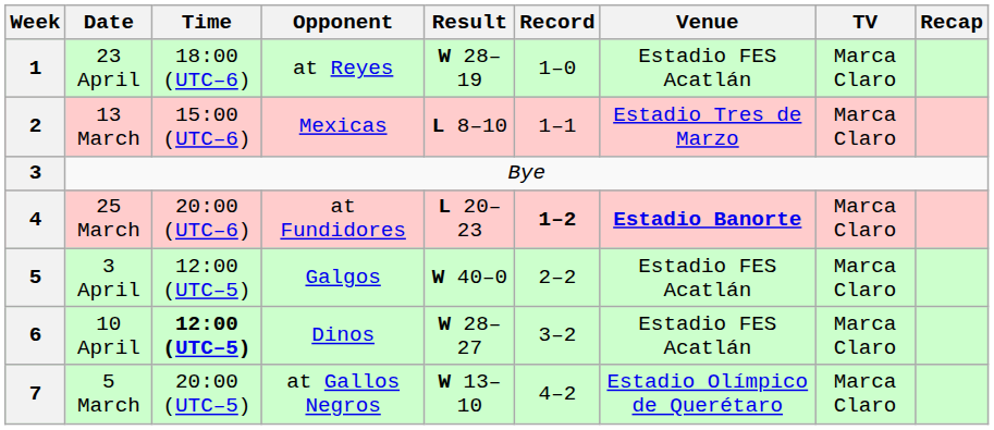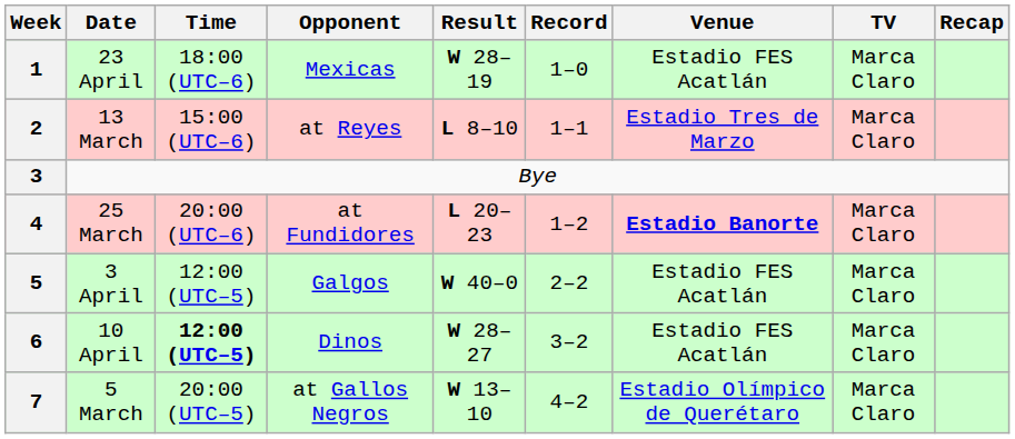 <table class="wikitable" style="text-align:center">
 <tr>
 <th>Week</th>
 <th>Date</th>
 <th>Time</th>
 <th>Opponent</th>
 <th>Result</th>
 <th>Record</th>
 <th>Venue</th>
 <th>TV</th>
 <th>Recap</th>
 </tr>
 <tr style="background:#cfc">
 <th>1</th>
 <td>23 April</td>
 <td>18:00 (<a href='#'>UTC–6</a>)</td>
-<td>at <a href='#'>Reyes</a></td>
+<td><a href='#'>Mexicas</a></td>
 <td><strong>W</strong> 28–19</td>
 <td>1–0</td>
 <td>Estadio FES Acatlán</td>
 <td>Marca Claro</td>
 <td></td>
 </tr>
 <tr style="background:#fcc">
 <th>2</th>
 <td>13 March</td>
 <td>15:00 (<a href='#'>UTC–6</a>)</td>
-<td><a href='#'>Mexicas</a></td>
+<td>at <a href='#'>Reyes</a></td>
 <td><strong>L</strong> 8–10</td>
 <td>1–1</td>
 <td><a href='#'>Estadio Tres de Marzo</a></td>
 <td>Marca Claro</td>
 <td></td>
 </tr>
 <tr>
 <th>3</th>
 <td colspan=8><em>Bye</em></td>
 </tr>
 <tr style="background:#fcc">
 <th>4</th>
 <td>25 March</td>
 <td>20:00 (<a href='#'>UTC–6</a>)</td>
 <td>at <a href='#'>Fundidores</a></td>
 <td><strong>L</strong> 20–23</td>
-<td><strong>1–2</strong></td>
+<td>1–2</td>
 <td><strong><a href='#'>Estadio Banorte</a></strong></td>
 <td>Marca Claro</td>
 <td></td>
 </tr>
 <tr style="background:#cfc">
 <th>5</th>
 <td>3 April</td>
 <td>12:00 (<a href='#'>UTC–5</a>)</td>
 <td><a href='#'>Galgos</a></td>
 <td><strong>W</strong> 40–0</td>
 <td>2–2</td>
 <td>Estadio FES Acatlán</td>
 <td>Marca Claro</td>
 <td></td>
 </tr>
 <tr style="background:#cfc">
 <th>6</th>
 <td>10 April</td>
 <td><strong>12:00 (<a href='#'>UTC–5</a>)</strong></td>
 <td><a href='#'>Dinos</a></td>
 <td><strong>W</strong> 28–27</td>
 <td>3–2</td>
 <td>Estadio FES Acatlán</td>
 <td>Marca Claro</td>
 <td></td>
 </tr>
 <tr style="background:#cfc">
 <th>7</th>
 <td>5 March</td>
 <td>20:00 (<a href='#'>UTC–5</a>)</td>
 <td>at <a href='#'>Gallos Negros</a></td>
 <td><strong>W</strong> 13–10</td>
 <td>4–2</td>
 <td><a href='#'>Estadio Olímpico de Querétaro</a></td>
 <td>Marca Claro</td>
 <td></td>
 </tr>
 </table>
